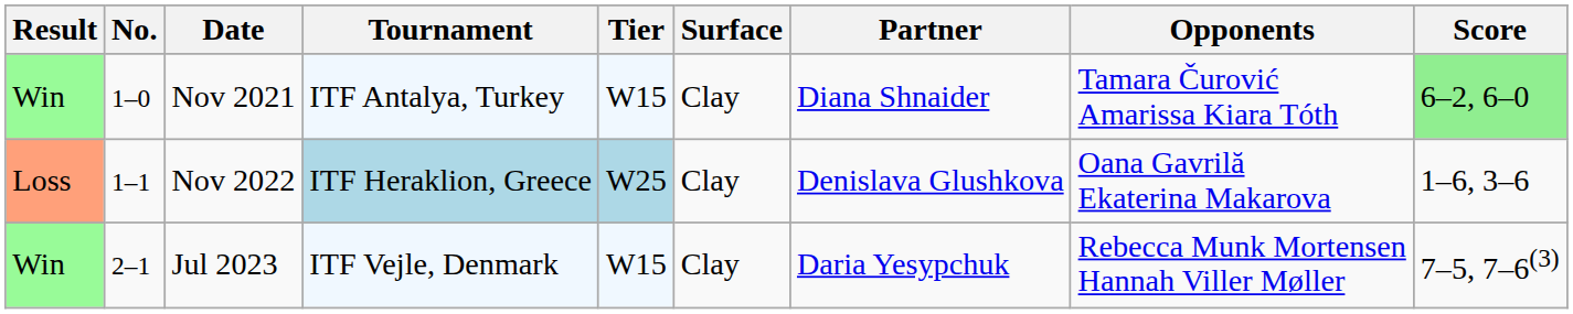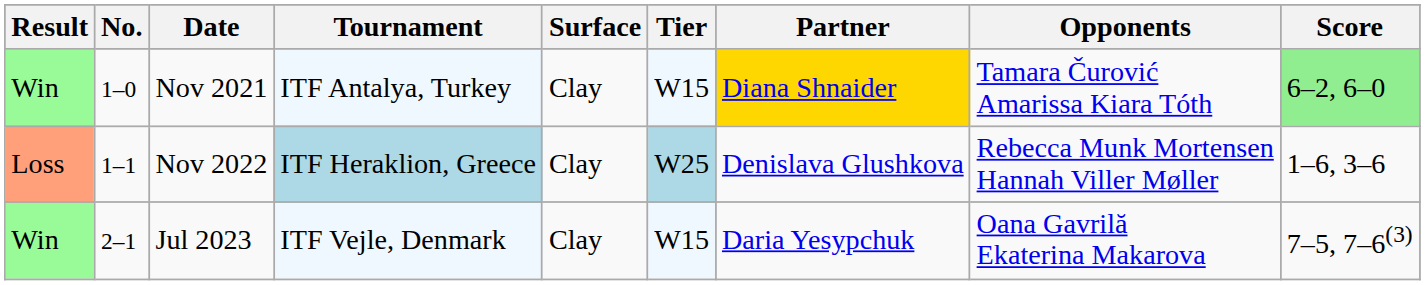 <table class="sortable wikitable">
 <tr>
 <th>Result</th>
 <th>No.</th>
 <th>Date</th>
 <th>Tournament</th>
+<th>Surface</th>
 <th>Tier</th>
-<th>Surface</th>
 <th>Partner</th>
 <th>Opponents</th>
 <th class="unsortable">Score</th>
 </tr>
 <tr>
 <td style="background:#98fb98;">Win</td>
 <td><small>1–0</small></td>
 <td>Nov 2021</td>
 <td style="background:#f0f8ff;">ITF Antalya, Turkey</td>
+<td>Clay</td>
 <td style="background:#f0f8ff;">W15</td>
-<td>Clay</td>
-<td> <a href='#'>Diana Shnaider</a></td>
+<td style="background: gold;"> <a href='#'>Diana Shnaider</a></td>
 <td> <a href='#'>Tamara Čurović</a> <br> <a href='#'>Amarissa Kiara Tóth</a></td>
 <td style="background: lightgreen;">6–2, 6–0</td>
 </tr>
 <tr>
 <td style="background:#ffa07a;">Loss</td>
 <td><small>1–1</small></td>
 <td>Nov 2022</td>
 <td style="background:lightblue">ITF Heraklion, Greece</td>
+<td>Clay</td>
 <td style="background:lightblue">W25</td>
-<td>Clay</td>
 <td> <a href='#'>Denislava Glushkova</a></td>
-<td> <a href='#'>Oana Gavrilă</a> <br> <a href='#'>Ekaterina Makarova</a></td>
+<td> <a href='#'>Rebecca Munk Mortensen</a> <br> <a href='#'>Hannah Viller Møller</a></td>
 <td>1–6, 3–6</td>
 </tr>
 <tr>
 <td style="background:#98fb98;">Win</td>
 <td><small>2–1</small></td>
 <td>Jul 2023</td>
 <td style="background:#f0f8ff;">ITF Vejle, Denmark</td>
+<td>Clay</td>
 <td style="background:#f0f8ff;">W15</td>
-<td>Clay</td>
 <td> <a href='#'>Daria Yesypchuk</a></td>
-<td> <a href='#'>Rebecca Munk Mortensen</a> <br> <a href='#'>Hannah Viller Møller</a></td>
+<td> <a href='#'>Oana Gavrilă</a> <br> <a href='#'>Ekaterina Makarova</a></td>
 <td>7–5, 7–6<sup>(3)</sup></td>
 </tr>
 </table>
